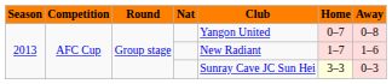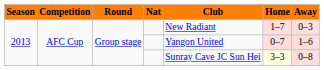 <table class="wikitable">
 <tr>
 <th style="background:#ff7f00"><span> Season</span></th>
 <th style="background:#ff7f00"><span> Competition</span></th>
 <th style="background:#ff7f00"><span> Round</span></th>
 <th style="background:#ff7f00"><span> Nat</span></th>
 <th style="background:#ff7f00"><span> Club</span></th>
 <th style="background:#ff7f00"><span> Home</span></th>
 <th style="background:#ff7f00"><span> Away</span></th>
 </tr>
 <tr>
 <td align="center" rowspan="3"><a href='#'>2013</a></td>
 <td align="center" rowspan="3"><a href='#'>AFC Cup</a></td>
 <td align="center" rowspan="3"><a href='#'>Group stage</a></td>
 <td></td>
-<td><a href='#'>Yangon United</a></td>
-<td style="text-align:center; background:#fdd;">0–7</td>
-<td style="text-align:center; background:#fdd;">0–8</td>
+<td><a href='#'>New Radiant</a></td>
+<td style="text-align:center; background:#fdd;">1–7</td>
+<td style="text-align:center; background:#fdd;">0–3</td>
 </tr>
 <tr>
 <td></td>
-<td><a href='#'>New Radiant</a></td>
-<td style="text-align:center; background:#fdd;">1–7</td>
+<td><a href='#'>Yangon United</a></td>
+<td style="text-align:center; background:#fdd;">0–7</td>
 <td style="text-align:center; background:#fdd;">1–6</td>
 </tr>
 <tr>
 <td></td>
 <td><a href='#'>Sunray Cave JC Sun Hei</a></td>
 <td style="text-align:center; background:#ffd;">3–3</td>
-<td style="text-align:center; background:#fdd;">0–3</td>
+<td style="text-align:center; background:#fdd;">0–8</td>
 </tr>
 </table>
